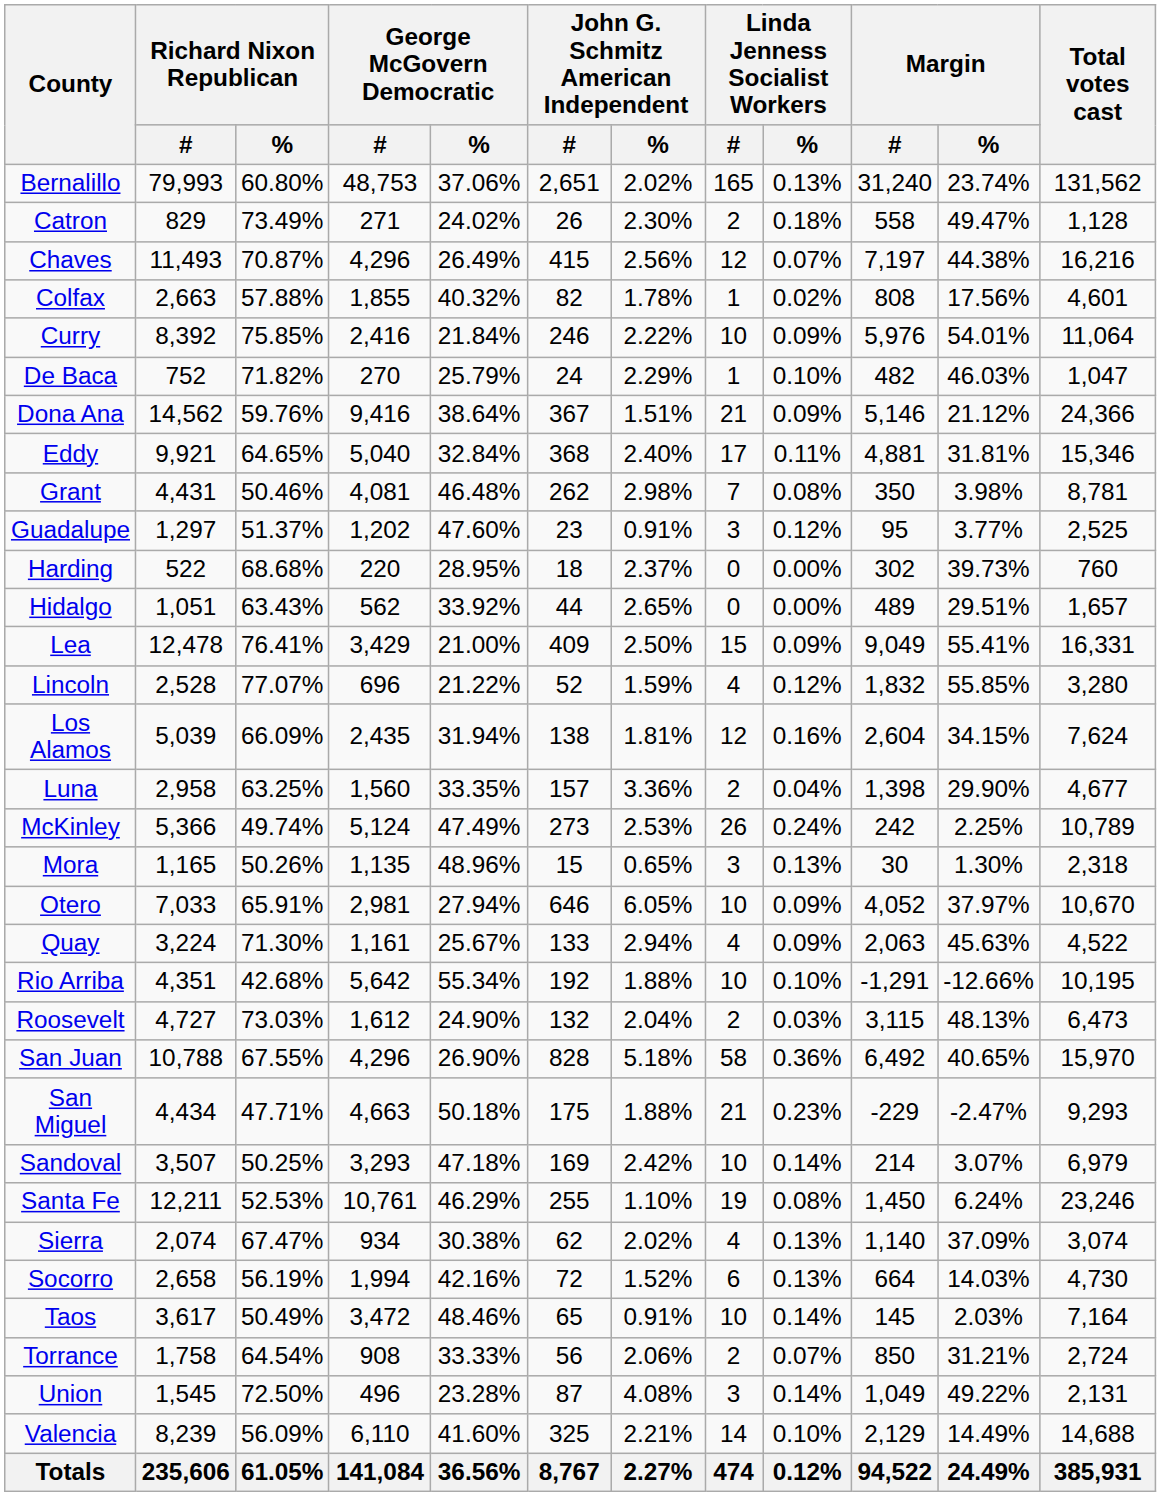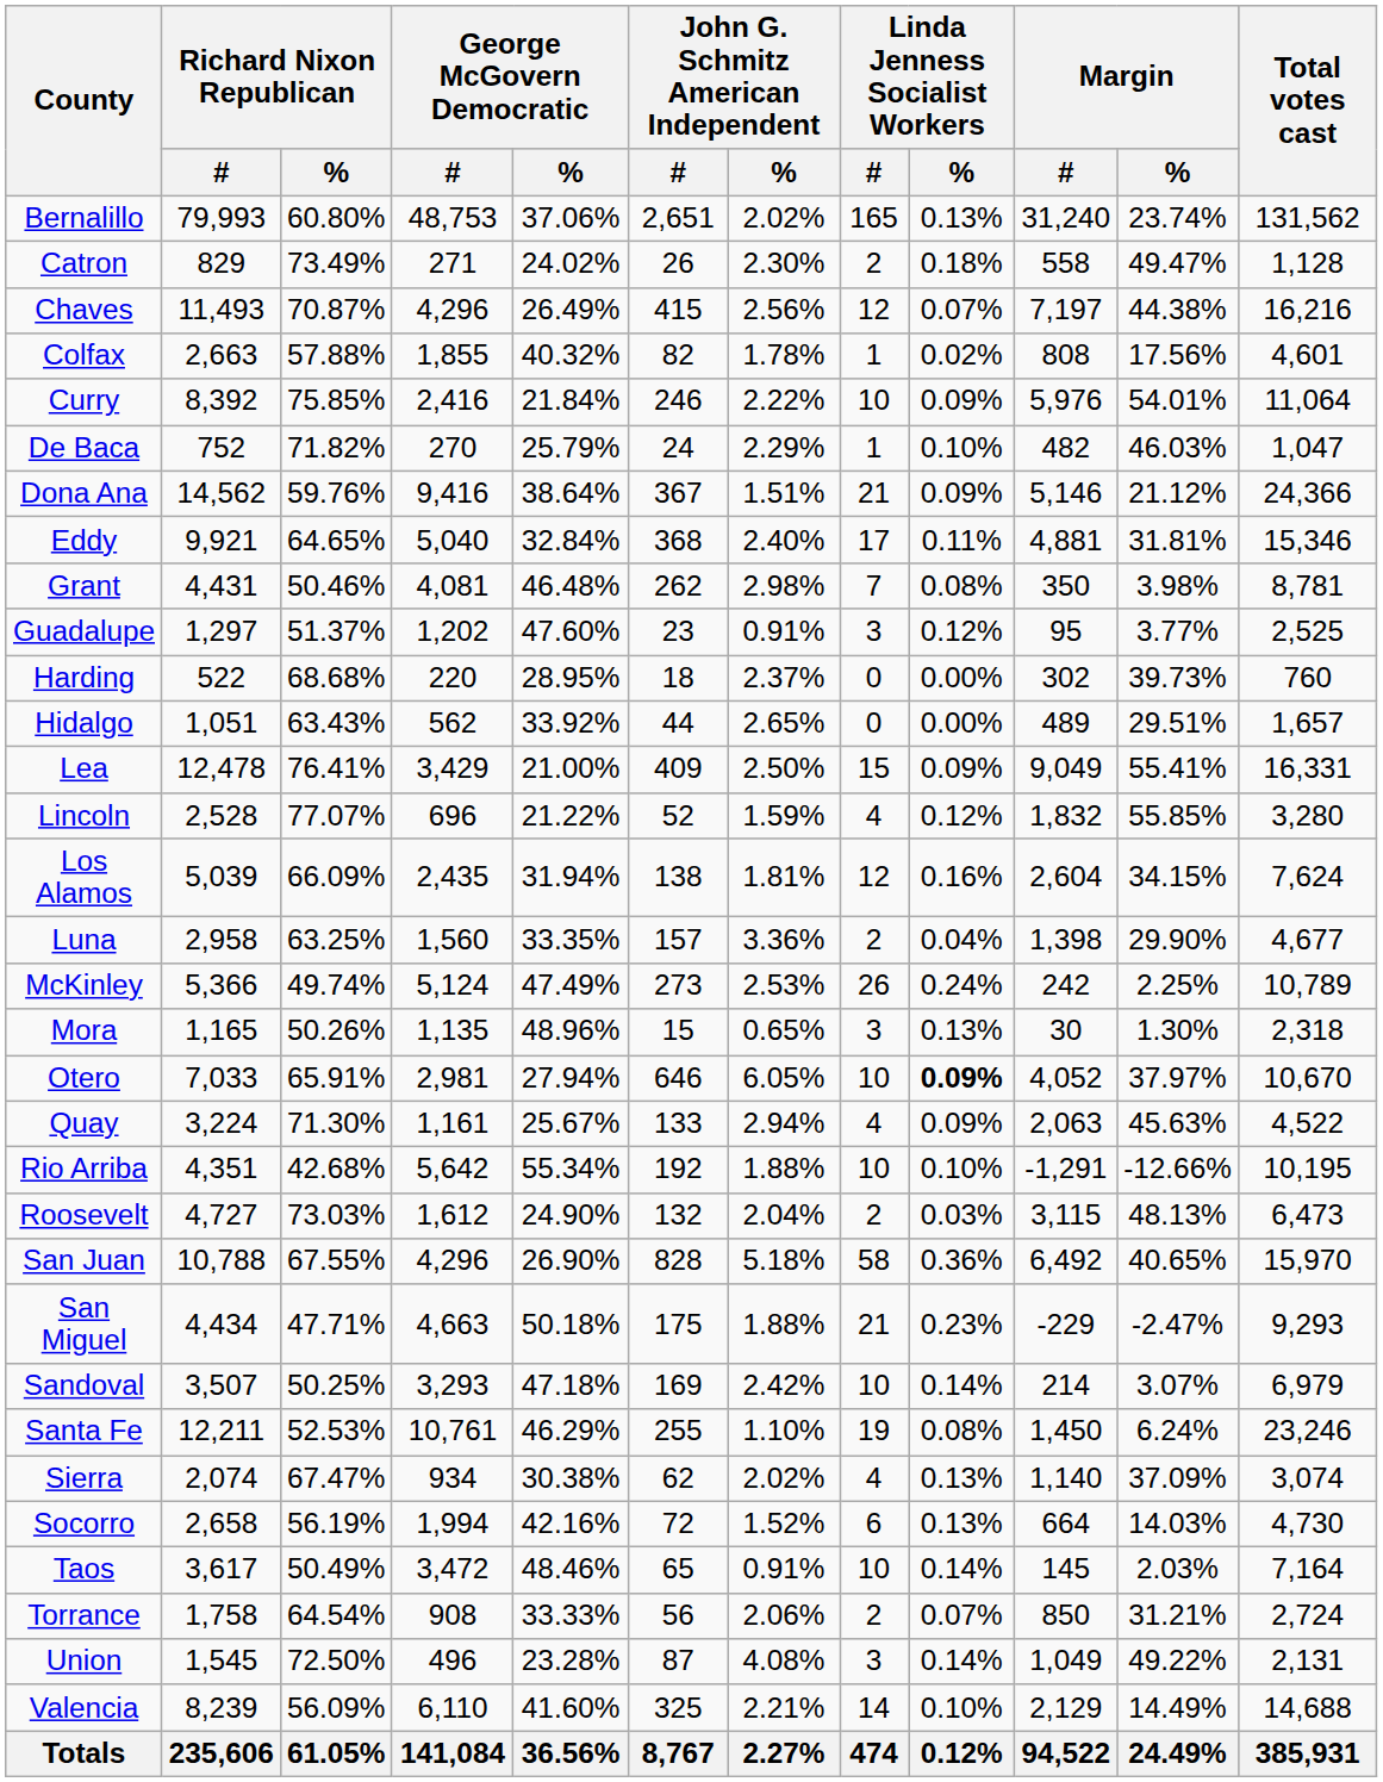 <table width="60%"  class="wikitable sortable" style="text-align:center">
 <tr>
 <th style="text-align:center;" rowspan="2">County</th>
 <th style="text-align:center;" colspan="2">Richard Nixon<br>Republican</th>
 <th style="text-align:center;" colspan="2">George McGovern<br>Democratic</th>
 <th style="text-align:center;" colspan="2">John G. Schmitz<br>American Independent</th>
 <th style="text-align:center;" colspan="2">Linda Jenness<br>Socialist Workers</th>
 <th style="text-align:center;" colspan="2">Margin</th>
 <th style="text-align:center;" rowspan="2">Total votes cast</th>
 </tr>
 <tr>
 <th style="text-align:center;" data-sort-type="number">#</th>
 <th style="text-align:center;" data-sort-type="number">%</th>
 <th style="text-align:center;" data-sort-type="number">#</th>
 <th style="text-align:center;" data-sort-type="number">%</th>
 <th style="text-align:center;" data-sort-type="number">#</th>
 <th style="text-align:center;" data-sort-type="number">%</th>
 <th style="text-align:center;" data-sort-type="number">#</th>
 <th style="text-align:center;" data-sort-type="number">%</th>
 <th style="text-align:center;" data-sort-type="number">#</th>
 <th style="text-align:center;" data-sort-type="number">%</th>
 </tr>
 <tr style="text-align:center;">
 <td><a href='#'>Bernalillo</a></td>
 <td>79,993</td>
 <td>60.80%</td>
 <td>48,753</td>
 <td>37.06%</td>
 <td>2,651</td>
 <td>2.02%</td>
 <td>165</td>
 <td>0.13%</td>
 <td>31,240</td>
 <td>23.74%</td>
 <td>131,562</td>
 </tr>
 <tr style="text-align:center;">
 <td><a href='#'>Catron</a></td>
 <td>829</td>
 <td>73.49%</td>
 <td>271</td>
 <td>24.02%</td>
 <td>26</td>
 <td>2.30%</td>
 <td>2</td>
 <td>0.18%</td>
 <td>558</td>
 <td>49.47%</td>
 <td>1,128</td>
 </tr>
 <tr style="text-align:center;">
 <td><a href='#'>Chaves</a></td>
 <td>11,493</td>
 <td>70.87%</td>
 <td>4,296</td>
 <td>26.49%</td>
 <td>415</td>
 <td>2.56%</td>
 <td>12</td>
 <td>0.07%</td>
 <td>7,197</td>
 <td>44.38%</td>
 <td>16,216</td>
 </tr>
 <tr style="text-align:center;">
 <td><a href='#'>Colfax</a></td>
 <td>2,663</td>
 <td>57.88%</td>
 <td>1,855</td>
 <td>40.32%</td>
 <td>82</td>
 <td>1.78%</td>
 <td>1</td>
 <td>0.02%</td>
 <td>808</td>
 <td>17.56%</td>
 <td>4,601</td>
 </tr>
 <tr style="text-align:center;">
 <td><a href='#'>Curry</a></td>
 <td>8,392</td>
 <td>75.85%</td>
 <td>2,416</td>
 <td>21.84%</td>
 <td>246</td>
 <td>2.22%</td>
 <td>10</td>
 <td>0.09%</td>
 <td>5,976</td>
 <td>54.01%</td>
 <td>11,064</td>
 </tr>
 <tr style="text-align:center;">
 <td><a href='#'>De Baca</a></td>
 <td>752</td>
 <td>71.82%</td>
 <td>270</td>
 <td>25.79%</td>
 <td>24</td>
 <td>2.29%</td>
 <td>1</td>
 <td>0.10%</td>
 <td>482</td>
 <td>46.03%</td>
 <td>1,047</td>
 </tr>
 <tr style="text-align:center;">
 <td><a href='#'>Dona Ana</a></td>
 <td>14,562</td>
 <td>59.76%</td>
 <td>9,416</td>
 <td>38.64%</td>
 <td>367</td>
 <td>1.51%</td>
 <td>21</td>
 <td>0.09%</td>
 <td>5,146</td>
 <td>21.12%</td>
 <td>24,366</td>
 </tr>
 <tr style="text-align:center;">
 <td><a href='#'>Eddy</a></td>
 <td>9,921</td>
 <td>64.65%</td>
 <td>5,040</td>
 <td>32.84%</td>
 <td>368</td>
 <td>2.40%</td>
 <td>17</td>
 <td>0.11%</td>
 <td>4,881</td>
 <td>31.81%</td>
 <td>15,346</td>
 </tr>
 <tr style="text-align:center;">
 <td><a href='#'>Grant</a></td>
 <td>4,431</td>
 <td>50.46%</td>
 <td>4,081</td>
 <td>46.48%</td>
 <td>262</td>
 <td>2.98%</td>
 <td>7</td>
 <td>0.08%</td>
 <td>350</td>
 <td>3.98%</td>
 <td>8,781</td>
 </tr>
 <tr style="text-align:center;">
 <td><a href='#'>Guadalupe</a></td>
 <td>1,297</td>
 <td>51.37%</td>
 <td>1,202</td>
 <td>47.60%</td>
 <td>23</td>
 <td>0.91%</td>
 <td>3</td>
 <td>0.12%</td>
 <td>95</td>
 <td>3.77%</td>
 <td>2,525</td>
 </tr>
 <tr style="text-align:center;">
 <td><a href='#'>Harding</a></td>
 <td>522</td>
 <td>68.68%</td>
 <td>220</td>
 <td>28.95%</td>
 <td>18</td>
 <td>2.37%</td>
 <td>0</td>
 <td>0.00%</td>
 <td>302</td>
 <td>39.73%</td>
 <td>760</td>
 </tr>
 <tr style="text-align:center;">
 <td><a href='#'>Hidalgo</a></td>
 <td>1,051</td>
 <td>63.43%</td>
 <td>562</td>
 <td>33.92%</td>
 <td>44</td>
 <td>2.65%</td>
 <td>0</td>
 <td>0.00%</td>
 <td>489</td>
 <td>29.51%</td>
 <td>1,657</td>
 </tr>
 <tr style="text-align:center;">
 <td><a href='#'>Lea</a></td>
 <td>12,478</td>
 <td>76.41%</td>
 <td>3,429</td>
 <td>21.00%</td>
 <td>409</td>
 <td>2.50%</td>
 <td>15</td>
 <td>0.09%</td>
 <td>9,049</td>
 <td>55.41%</td>
 <td>16,331</td>
 </tr>
 <tr style="text-align:center;">
 <td><a href='#'>Lincoln</a></td>
 <td>2,528</td>
 <td>77.07%</td>
 <td>696</td>
 <td>21.22%</td>
 <td>52</td>
 <td>1.59%</td>
 <td>4</td>
 <td>0.12%</td>
 <td>1,832</td>
 <td>55.85%</td>
 <td>3,280</td>
 </tr>
 <tr style="text-align:center;">
 <td><a href='#'>Los Alamos</a></td>
 <td>5,039</td>
 <td>66.09%</td>
 <td>2,435</td>
 <td>31.94%</td>
 <td>138</td>
 <td>1.81%</td>
 <td>12</td>
 <td>0.16%</td>
 <td>2,604</td>
 <td>34.15%</td>
 <td>7,624</td>
 </tr>
 <tr style="text-align:center;">
 <td><a href='#'>Luna</a></td>
 <td>2,958</td>
 <td>63.25%</td>
 <td>1,560</td>
 <td>33.35%</td>
 <td>157</td>
 <td>3.36%</td>
 <td>2</td>
 <td>0.04%</td>
 <td>1,398</td>
 <td>29.90%</td>
 <td>4,677</td>
 </tr>
 <tr style="text-align:center;">
 <td><a href='#'>McKinley</a></td>
 <td>5,366</td>
 <td>49.74%</td>
 <td>5,124</td>
 <td>47.49%</td>
 <td>273</td>
 <td>2.53%</td>
 <td>26</td>
 <td>0.24%</td>
 <td>242</td>
 <td>2.25%</td>
 <td>10,789</td>
 </tr>
 <tr style="text-align:center;">
 <td><a href='#'>Mora</a></td>
 <td>1,165</td>
 <td>50.26%</td>
 <td>1,135</td>
 <td>48.96%</td>
 <td>15</td>
 <td>0.65%</td>
 <td>3</td>
 <td>0.13%</td>
 <td>30</td>
 <td>1.30%</td>
 <td>2,318</td>
 </tr>
 <tr style="text-align:center;">
 <td><a href='#'>Otero</a></td>
 <td>7,033</td>
 <td>65.91%</td>
 <td>2,981</td>
 <td>27.94%</td>
 <td>646</td>
 <td>6.05%</td>
 <td>10</td>
-<td>0.09%</td>
+<td><strong>0.09%</strong></td>
 <td>4,052</td>
 <td>37.97%</td>
 <td>10,670</td>
 </tr>
 <tr style="text-align:center;">
 <td><a href='#'>Quay</a></td>
 <td>3,224</td>
 <td>71.30%</td>
 <td>1,161</td>
 <td>25.67%</td>
 <td>133</td>
 <td>2.94%</td>
 <td>4</td>
 <td>0.09%</td>
 <td>2,063</td>
 <td>45.63%</td>
 <td>4,522</td>
 </tr>
 <tr style="text-align:center;">
 <td><a href='#'>Rio Arriba</a></td>
 <td>4,351</td>
 <td>42.68%</td>
 <td>5,642</td>
 <td>55.34%</td>
 <td>192</td>
 <td>1.88%</td>
 <td>10</td>
 <td>0.10%</td>
 <td>-1,291</td>
 <td>-12.66%</td>
 <td>10,195</td>
 </tr>
 <tr style="text-align:center;">
 <td><a href='#'>Roosevelt</a></td>
 <td>4,727</td>
 <td>73.03%</td>
 <td>1,612</td>
 <td>24.90%</td>
 <td>132</td>
 <td>2.04%</td>
 <td>2</td>
 <td>0.03%</td>
 <td>3,115</td>
 <td>48.13%</td>
 <td>6,473</td>
 </tr>
 <tr style="text-align:center;">
 <td><a href='#'>San Juan</a></td>
 <td>10,788</td>
 <td>67.55%</td>
 <td>4,296</td>
 <td>26.90%</td>
 <td>828</td>
 <td>5.18%</td>
 <td>58</td>
 <td>0.36%</td>
 <td>6,492</td>
 <td>40.65%</td>
 <td>15,970</td>
 </tr>
 <tr style="text-align:center;">
 <td><a href='#'>San Miguel</a></td>
 <td>4,434</td>
 <td>47.71%</td>
 <td>4,663</td>
 <td>50.18%</td>
 <td>175</td>
 <td>1.88%</td>
 <td>21</td>
 <td>0.23%</td>
 <td>-229</td>
 <td>-2.47%</td>
 <td>9,293</td>
 </tr>
 <tr style="text-align:center;">
 <td><a href='#'>Sandoval</a></td>
 <td>3,507</td>
 <td>50.25%</td>
 <td>3,293</td>
 <td>47.18%</td>
 <td>169</td>
 <td>2.42%</td>
 <td>10</td>
 <td>0.14%</td>
 <td>214</td>
 <td>3.07%</td>
 <td>6,979</td>
 </tr>
 <tr style="text-align:center;">
 <td><a href='#'>Santa Fe</a></td>
 <td>12,211</td>
 <td>52.53%</td>
 <td>10,761</td>
 <td>46.29%</td>
 <td>255</td>
 <td>1.10%</td>
 <td>19</td>
 <td>0.08%</td>
 <td>1,450</td>
 <td>6.24%</td>
 <td>23,246</td>
 </tr>
 <tr style="text-align:center;">
 <td><a href='#'>Sierra</a></td>
 <td>2,074</td>
 <td>67.47%</td>
 <td>934</td>
 <td>30.38%</td>
 <td>62</td>
 <td>2.02%</td>
 <td>4</td>
 <td>0.13%</td>
 <td>1,140</td>
 <td>37.09%</td>
 <td>3,074</td>
 </tr>
 <tr style="text-align:center;">
 <td><a href='#'>Socorro</a></td>
 <td>2,658</td>
 <td>56.19%</td>
 <td>1,994</td>
 <td>42.16%</td>
 <td>72</td>
 <td>1.52%</td>
 <td>6</td>
 <td>0.13%</td>
 <td>664</td>
 <td>14.03%</td>
 <td>4,730</td>
 </tr>
 <tr style="text-align:center;">
 <td><a href='#'>Taos</a></td>
 <td>3,617</td>
 <td>50.49%</td>
 <td>3,472</td>
 <td>48.46%</td>
 <td>65</td>
 <td>0.91%</td>
 <td>10</td>
 <td>0.14%</td>
 <td>145</td>
 <td>2.03%</td>
 <td>7,164</td>
 </tr>
 <tr style="text-align:center;">
 <td><a href='#'>Torrance</a></td>
 <td>1,758</td>
 <td>64.54%</td>
 <td>908</td>
 <td>33.33%</td>
 <td>56</td>
 <td>2.06%</td>
 <td>2</td>
 <td>0.07%</td>
 <td>850</td>
 <td>31.21%</td>
 <td>2,724</td>
 </tr>
 <tr style="text-align:center;">
 <td><a href='#'>Union</a></td>
 <td>1,545</td>
 <td>72.50%</td>
 <td>496</td>
 <td>23.28%</td>
 <td>87</td>
 <td>4.08%</td>
 <td>3</td>
 <td>0.14%</td>
 <td>1,049</td>
 <td>49.22%</td>
 <td>2,131</td>
 </tr>
 <tr style="text-align:center;">
 <td><a href='#'>Valencia</a></td>
 <td>8,239</td>
 <td>56.09%</td>
 <td>6,110</td>
 <td>41.60%</td>
 <td>325</td>
 <td>2.21%</td>
 <td>14</td>
 <td>0.10%</td>
 <td>2,129</td>
 <td>14.49%</td>
 <td>14,688</td>
 </tr>
 <tr>
 <th>Totals</th>
 <th>235,606</th>
 <th>61.05%</th>
 <th>141,084</th>
 <th>36.56%</th>
 <th>8,767</th>
 <th>2.27%</th>
 <th>474</th>
 <th>0.12%</th>
 <th>94,522</th>
 <th>24.49%</th>
 <th>385,931</th>
 </tr>
 </table>
